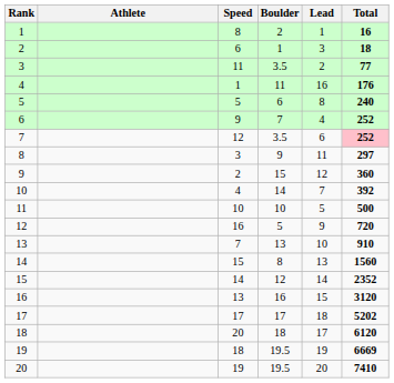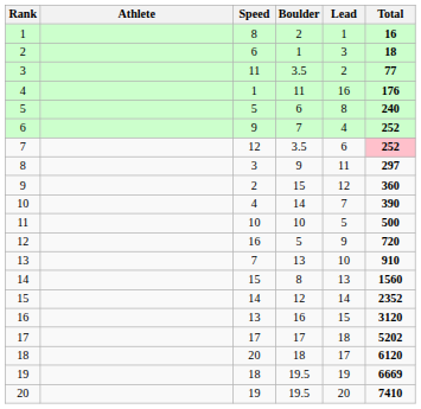 <table class="wikitable" style="text-align:center">
 <tr>
 <th width=40>Rank</th>
 <th width=250>Athlete</th>
 <th width=50>Speed</th>
 <th width=50>Boulder</th>
 <th width=50>Lead</th>
 <th width=60>Total</th>
 </tr>
 <tr bgcolor="ccffcc">
 <td>1</td>
 <td align=left></td>
 <td>8</td>
 <td>2</td>
 <td>1</td>
 <td><strong>16</strong></td>
 </tr>
 <tr bgcolor="ccffcc">
 <td>2</td>
 <td align=left></td>
 <td>6</td>
 <td>1</td>
 <td>3</td>
 <td><strong>18</strong></td>
 </tr>
 <tr bgcolor="ccffcc">
 <td>3</td>
 <td align=left></td>
 <td>11</td>
 <td>3.5</td>
 <td>2</td>
 <td><strong>77</strong></td>
 </tr>
 <tr bgcolor="ccffcc">
 <td>4</td>
 <td align=left></td>
 <td>1</td>
 <td>11</td>
 <td>16</td>
 <td><strong>176</strong></td>
 </tr>
 <tr bgcolor="ccffcc">
 <td>5</td>
 <td align=left></td>
 <td>5</td>
 <td>6</td>
 <td>8</td>
 <td><strong>240</strong></td>
 </tr>
 <tr bgcolor="ccffcc">
 <td>6</td>
 <td align=left></td>
 <td>9</td>
 <td>7</td>
 <td>4</td>
 <td><strong>252</strong></td>
 </tr>
 <tr>
 <td>7</td>
 <td align=left></td>
 <td>12</td>
 <td>3.5</td>
 <td>6</td>
 <td style="background: pink;"><strong>252</strong></td>
 </tr>
 <tr>
 <td>8</td>
 <td align=left></td>
 <td>3</td>
 <td>9</td>
 <td>11</td>
 <td><strong>297</strong></td>
 </tr>
 <tr>
 <td>9</td>
 <td align=left></td>
 <td>2</td>
 <td>15</td>
 <td>12</td>
 <td><strong>360</strong></td>
 </tr>
 <tr>
 <td>10</td>
 <td align=left></td>
 <td>4</td>
 <td>14</td>
 <td>7</td>
-<td><strong>392</strong></td>
+<td><strong>390</strong></td>
 </tr>
 <tr>
 <td>11</td>
 <td align=left></td>
 <td>10</td>
 <td>10</td>
 <td>5</td>
 <td><strong>500</strong></td>
 </tr>
 <tr>
 <td>12</td>
 <td align=left></td>
 <td>16</td>
 <td>5</td>
 <td>9</td>
 <td><strong>720</strong></td>
 </tr>
 <tr>
 <td>13</td>
 <td align=left></td>
 <td>7</td>
 <td>13</td>
 <td>10</td>
 <td><strong>910</strong></td>
 </tr>
 <tr>
 <td>14</td>
 <td align=left></td>
 <td>15</td>
 <td>8</td>
 <td>13</td>
 <td><strong>1560</strong></td>
 </tr>
 <tr>
 <td>15</td>
 <td align=left></td>
 <td>14</td>
 <td>12</td>
 <td>14</td>
 <td><strong>2352</strong></td>
 </tr>
 <tr>
 <td>16</td>
 <td align=left></td>
 <td>13</td>
 <td>16</td>
 <td>15</td>
 <td><strong>3120</strong></td>
 </tr>
 <tr>
 <td>17</td>
 <td align=left></td>
 <td>17</td>
 <td>17</td>
 <td>18</td>
 <td><strong>5202</strong></td>
 </tr>
 <tr>
 <td>18</td>
 <td align=left></td>
 <td>20</td>
 <td>18</td>
 <td>17</td>
 <td><strong>6120</strong></td>
 </tr>
 <tr>
 <td>19</td>
 <td align=left></td>
 <td>18</td>
 <td>19.5</td>
 <td>19</td>
 <td><strong>6669</strong></td>
 </tr>
 <tr>
 <td>20</td>
 <td align=left></td>
 <td>19</td>
 <td>19.5</td>
 <td>20</td>
 <td><strong>7410</strong></td>
 </tr>
 </table>
